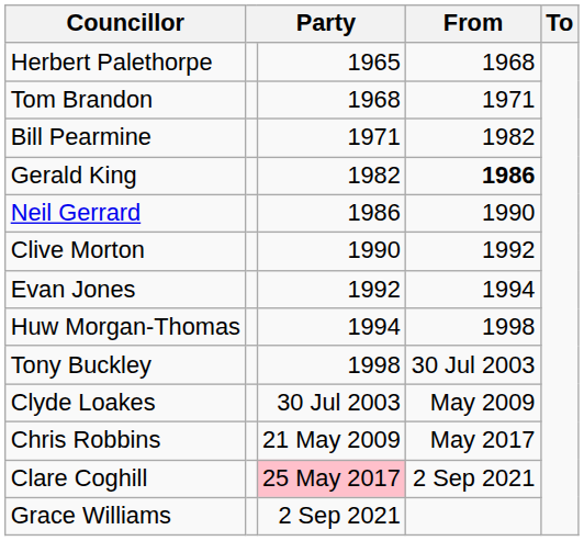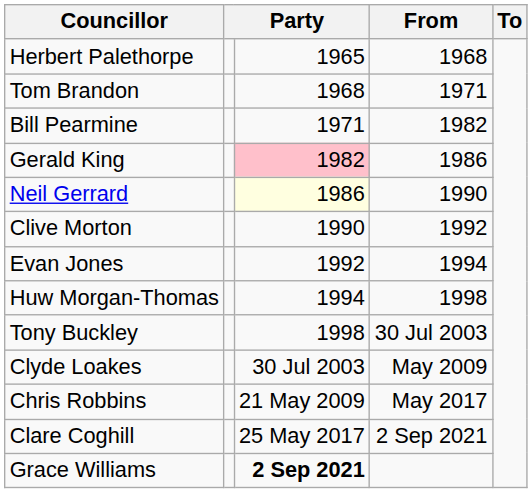 <table class=wikitable>
 <tr>
 <th>Councillor</th>
 <th colspan=2>Party</th>
 <th>From</th>
 <th>To</th>
 </tr>
 <tr>
 <td>Herbert Palethorpe</td>
 <td></td>
 <td align=right>1965</td>
 <td align=right>1968</td>
 </tr>
 <tr>
 <td>Tom Brandon</td>
 <td></td>
 <td align=right>1968</td>
 <td align=right>1971</td>
 </tr>
 <tr>
 <td>Bill Pearmine</td>
 <td></td>
 <td align=right>1971</td>
 <td align=right>1982</td>
 </tr>
 <tr>
 <td>Gerald King</td>
 <td></td>
-<td align=right>1982</td>
-<td align=right><strong>1986</strong></td>
+<td align=right style="background: pink;">1982</td>
+<td align=right>1986</td>
 </tr>
 <tr>
 <td><a href='#'>Neil Gerrard</a></td>
 <td></td>
-<td align=right>1986</td>
+<td align=right style="background: lightyellow;">1986</td>
 <td align=right>1990</td>
 </tr>
 <tr>
 <td>Clive Morton</td>
 <td></td>
 <td align=right>1990</td>
 <td align=right>1992</td>
 </tr>
 <tr>
 <td>Evan Jones</td>
 <td></td>
 <td align=right>1992</td>
 <td align=right>1994</td>
 </tr>
 <tr>
 <td>Huw Morgan-Thomas</td>
 <td></td>
 <td align=right>1994</td>
 <td align=right>1998</td>
 </tr>
 <tr>
 <td>Tony Buckley</td>
 <td></td>
 <td align=right>1998</td>
 <td align=right>30 Jul 2003</td>
 </tr>
 <tr>
 <td>Clyde Loakes</td>
 <td></td>
 <td align=right>30 Jul 2003</td>
 <td align=right>May 2009</td>
 </tr>
 <tr>
 <td>Chris Robbins</td>
 <td></td>
 <td align=right>21 May 2009</td>
 <td align=right>May 2017</td>
 </tr>
 <tr>
 <td>Clare Coghill</td>
 <td></td>
-<td align=right style="background: pink;">25 May 2017</td>
+<td align=right>25 May 2017</td>
 <td align=right>2 Sep 2021</td>
 </tr>
 <tr>
 <td>Grace Williams</td>
 <td></td>
-<td align=right>2 Sep 2021</td>
+<td align=right><strong>2 Sep 2021</strong></td>
 <td></td>
 </tr>
 </table>
